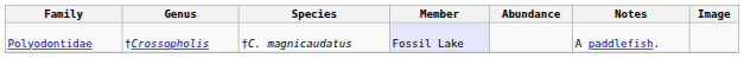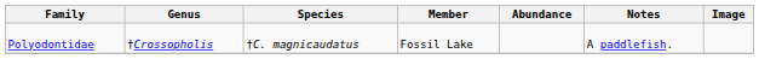 <table class="wikitable" style="margin:auto;width:100%;">
 <tr>
 <th>Family</th>
 <th>Genus</th>
 <th>Species</th>
 <th>Member</th>
 <th>Abundance</th>
 <th>Notes</th>
 <th>Image</th>
 </tr>
 <tr>
 <td><br><a href='#'>Polyodontidae</a></td>
 <td><br>†<em><a href='#'>Crossopholis</a></em></td>
 <td><br>†<em>C. magnicaudatus</em> </td>
-<td style="background: lavender;"><br>Fossil Lake</td>
+<td><br>Fossil Lake</td>
 <td></td>
 <td><br>A <a href='#'>paddlefish</a>.</td>
 <td><br></td>
 </tr>
 <tr>
 </tr>
 </table>
